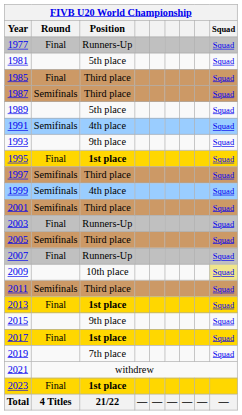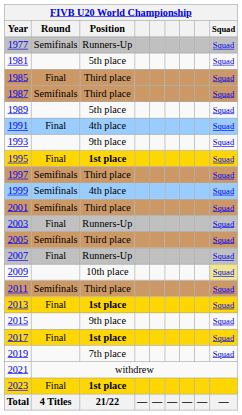 <table class="wikitable" style="text-align: center;">
 <tr>
 <th colspan=9><a href='#'>FIVB U20 World Championship</a></th>
 </tr>
 <tr>
 <th>Year</th>
 <th>Round</th>
 <th>Position</th>
 <th></th>
 <th></th>
 <th></th>
 <th></th>
 <th></th>
 <th><small>Squad</small></th>
 </tr>
 <tr bgcolor=silver>
 <td> <a href='#'>1977</a></td>
-<td>Final</td>
+<td>Semifinals</td>
 <td>Runners-Up</td>
 <td></td>
 <td></td>
 <td></td>
 <td></td>
 <td></td>
 <td><small><a href='#'>Squad</a></small></td>
 </tr>
 <tr>
 <td> <a href='#'>1981</a></td>
 <td></td>
 <td>5th place</td>
 <td></td>
 <td></td>
 <td></td>
 <td></td>
 <td></td>
 <td><small><a href='#'>Squad</a></small></td>
 </tr>
 <tr bgcolor=cc9966>
 <td> <a href='#'>1985</a></td>
 <td>Final</td>
 <td>Third place</td>
 <td></td>
 <td></td>
 <td></td>
 <td></td>
 <td></td>
 <td><small><a href='#'>Squad</a></small></td>
 </tr>
 <tr bgcolor=cc9966>
 <td> <a href='#'>1987</a></td>
 <td>Semifinals</td>
 <td>Third place</td>
 <td></td>
 <td></td>
 <td></td>
 <td></td>
 <td></td>
 <td><small><a href='#'>Squad</a></small></td>
 </tr>
 <tr>
 <td> <a href='#'>1989</a></td>
 <td></td>
 <td>5th place</td>
 <td></td>
 <td></td>
 <td></td>
 <td></td>
 <td></td>
 <td><small><a href='#'>Squad</a></small></td>
 </tr>
 <tr bgcolor=9acdff>
 <td> <a href='#'>1991</a></td>
-<td>Semifinals</td>
+<td>Final</td>
 <td>4th place</td>
 <td></td>
 <td></td>
 <td></td>
 <td></td>
 <td></td>
 <td><small><a href='#'>Squad</a></small></td>
 </tr>
 <tr>
 <td> <a href='#'>1993</a></td>
 <td></td>
 <td>9th place</td>
 <td></td>
 <td></td>
 <td></td>
 <td></td>
 <td></td>
 <td><small> <a href='#'>Squad</a></small></td>
 </tr>
 <tr bgcolor=gold>
 <td> <a href='#'>1995</a></td>
 <td>Final</td>
 <td><strong>1st place</strong></td>
 <td></td>
 <td></td>
 <td></td>
 <td></td>
 <td></td>
 <td><small><a href='#'>Squad</a></small></td>
 </tr>
 <tr bgcolor=cc9966>
 <td> <a href='#'>1997</a></td>
 <td>Semifinals</td>
 <td>Third place</td>
 <td></td>
 <td></td>
 <td></td>
 <td></td>
 <td></td>
 <td><small><a href='#'>Squad</a></small></td>
 </tr>
 <tr bgcolor=9acdff>
 <td> <a href='#'>1999</a></td>
 <td>Semifinals</td>
 <td>4th place</td>
 <td></td>
 <td></td>
 <td></td>
 <td></td>
 <td></td>
 <td><small> <a href='#'>Squad</a></small></td>
 </tr>
 <tr bgcolor=cc9966>
 <td> <a href='#'>2001</a></td>
 <td>Semifinals</td>
 <td>Third place</td>
 <td></td>
 <td></td>
 <td></td>
 <td></td>
 <td></td>
 <td><small><a href='#'>Squad</a></small></td>
 </tr>
 <tr bgcolor=silver>
 <td> <a href='#'>2003</a></td>
 <td>Final</td>
 <td>Runners-Up</td>
 <td></td>
 <td></td>
 <td></td>
 <td></td>
 <td></td>
 <td><small><a href='#'>Squad</a></small></td>
 </tr>
 <tr bgcolor=cc9966>
 <td> <a href='#'>2005</a></td>
 <td>Semifinals</td>
 <td>Third place</td>
 <td></td>
 <td></td>
 <td></td>
 <td></td>
 <td></td>
 <td><small> <a href='#'>Squad</a></small></td>
 </tr>
 <tr bgcolor=silver>
 <td> <a href='#'>2007</a></td>
 <td>Final</td>
 <td>Runners-Up</td>
 <td></td>
 <td></td>
 <td></td>
 <td></td>
 <td></td>
 <td><small><a href='#'>Squad</a></small></td>
 </tr>
 <tr>
 <td> <a href='#'>2009</a></td>
 <td></td>
 <td>10th place</td>
 <td></td>
 <td></td>
 <td></td>
 <td></td>
 <td></td>
 <td style="background: khaki;"><small><a href='#'>Squad</a></small></td>
 </tr>
 <tr bgcolor=cc9966>
 <td> <a href='#'>2011</a></td>
 <td>Semifinals</td>
 <td>Third place</td>
 <td></td>
 <td></td>
 <td></td>
 <td></td>
 <td></td>
 <td><small> <a href='#'>Squad</a></small></td>
 </tr>
 <tr bgcolor=gold>
 <td> <a href='#'>2013</a></td>
 <td>Final</td>
 <td><strong>1st place</strong></td>
 <td></td>
 <td></td>
 <td></td>
 <td></td>
 <td></td>
 <td><small><a href='#'>Squad</a></small></td>
 </tr>
 <tr>
 <td> <a href='#'>2015</a></td>
 <td></td>
 <td>9th place</td>
 <td></td>
 <td></td>
 <td></td>
 <td></td>
 <td></td>
 <td><small><a href='#'>Squad</a></small></td>
 </tr>
 <tr bgcolor=gold>
 <td> <a href='#'>2017</a></td>
 <td>Final</td>
 <td><strong>1st place</strong></td>
 <td></td>
 <td></td>
 <td></td>
 <td></td>
 <td></td>
 <td><small> <a href='#'>Squad</a></small></td>
 </tr>
 <tr>
 <td> <a href='#'>2019</a></td>
 <td></td>
 <td>7th place</td>
 <td></td>
 <td></td>
 <td></td>
 <td></td>
 <td></td>
 <td><small><a href='#'>Squad</a></small></td>
 </tr>
 <tr>
 <td>  <a href='#'>2021</a></td>
 <td colspan=9>withdrew</td>
 </tr>
 <tr bgcolor=gold>
 <td> <a href='#'>2023</a></td>
 <td>Final</td>
 <td><strong>1st place</strong></td>
 <td></td>
 <td></td>
 <td></td>
 <td></td>
 <td></td>
 <td></td>
 </tr>
 <tr>
 <th>Total</th>
 <th>4 Titles</th>
 <th>21/22</th>
 <th>—</th>
 <th>—</th>
 <th>—</th>
 <th>—</th>
 <th>—</th>
 <th>—</th>
 </tr>
 </table>
